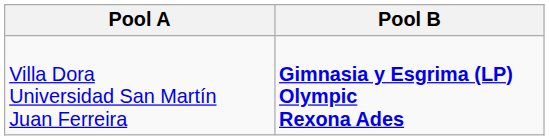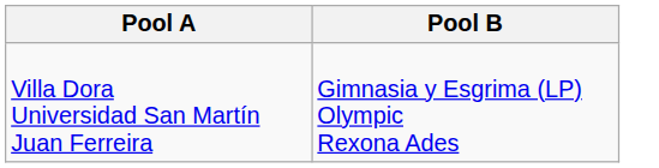 <table class="wikitable">
 <tr>
 <th width=45%>Pool A</th>
 <th width=45%>Pool B</th>
 </tr>
 <tr>
 <td><br> <a href='#'>Villa Dora</a><br>  <a href='#'>Universidad San Martín</a><br>  <a href='#'>Juan Ferreira</a></td>
-<td><strong><br> <a href='#'>Gimnasia y Esgrima (LP)</a><br>  <a href='#'>Olympic</a><br>  <a href='#'>Rexona Ades</a></strong></td>
+<td><br> <a href='#'>Gimnasia y Esgrima (LP)</a><br>  <a href='#'>Olympic</a><br>  <a href='#'>Rexona Ades</a></td>
 </tr>
 </table>
